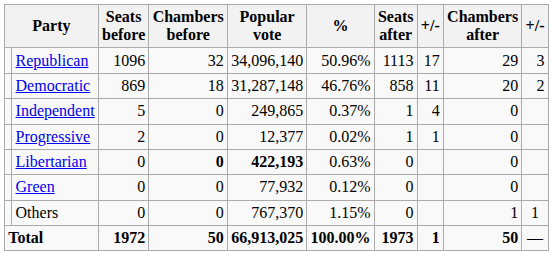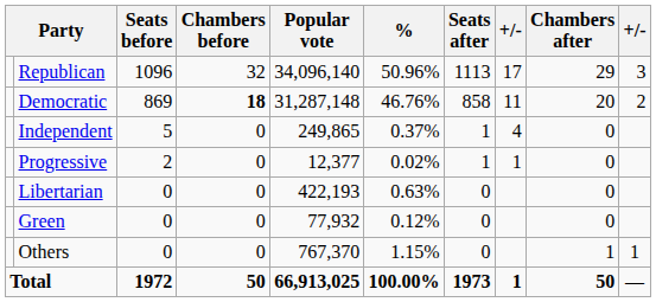 <table class="wikitable">
 <tr>
 <th colspan="2">Party</th>
 <th>Seats<br>before</th>
 <th>Chambers<br>before</th>
 <th>Popular<br>vote</th>
 <th>%</th>
 <th>Seats<br>after</th>
 <th>+/-</th>
 <th>Chambers<br>after</th>
 <th>+/-</th>
 </tr>
 <tr>
 <td style="background:"></td>
 <td><a href='#'>Republican</a></td>
 <td align="right">1096</td>
 <td align="right">32</td>
 <td align="right">34,096,140</td>
 <td align="right">50.96%</td>
 <td align="right">1113</td>
 <td align="right"> 17</td>
 <td align="right">29</td>
 <td align="right"> 3</td>
 </tr>
 <tr>
 <td style="background:"></td>
 <td><a href='#'>Democratic</a></td>
 <td align="right">869</td>
-<td align="right">18</td>
+<td align="right"><strong>18</strong></td>
 <td align="right">31,287,148</td>
 <td align="right">46.76%</td>
 <td align="right">858</td>
 <td align="right"> 11</td>
 <td align="right">20</td>
 <td align="right"> 2</td>
 </tr>
 <tr>
 <td style="background:"></td>
 <td><a href='#'>Independent</a></td>
 <td align="right">5</td>
 <td align="right">0</td>
 <td align="right">249,865</td>
 <td align="right">0.37%</td>
 <td align="right">1</td>
 <td align="right"> 4</td>
 <td align="right">0</td>
 <td align="center"></td>
 </tr>
 <tr>
 <td style="background:"></td>
 <td><a href='#'>Progressive</a></td>
 <td align="right">2</td>
 <td align="right">0</td>
 <td align="right">12,377</td>
 <td align="right">0.02%</td>
 <td align="right">1</td>
 <td align="right"> 1</td>
 <td align="right">0</td>
 <td align="center"></td>
 </tr>
 <tr>
 <td style="background:"></td>
 <td><a href='#'>Libertarian</a></td>
 <td align="right">0</td>
-<td align="right"><strong>0</strong></td>
-<td align="right"><strong>422,193</strong></td>
+<td align="right">0</td>
+<td align="right">422,193</td>
 <td align="right">0.63%</td>
 <td align="right">0</td>
 <td align="center"></td>
 <td align="right">0</td>
 <td align="center"></td>
 </tr>
 <tr>
 <td style="background:"></td>
 <td><a href='#'>Green</a></td>
 <td align="right">0</td>
 <td align="right">0</td>
 <td align="right">77,932</td>
 <td align="right">0.12%</td>
 <td align="right">0</td>
 <td align="center"></td>
 <td align="right">0</td>
 <td align="center"></td>
 </tr>
 <tr>
 <td></td>
 <td>Others</td>
 <td align="right">0</td>
 <td align="right">0</td>
 <td align="right">767,370</td>
 <td align="right">1.15%</td>
 <td align="right">0</td>
 <td align="center"></td>
 <td align="right">1</td>
 <td align="center"> 1</td>
 </tr>
 <tr>
 <td colspan="2"><strong>Total</strong></td>
 <td align="right"><strong>1972</strong></td>
 <td align="right"><strong>50</strong></td>
 <td align="right"><strong>66,913,025</strong></td>
 <td align="right"><strong>100.00%</strong></td>
 <td align="right"><strong>1973</strong></td>
 <td align="right"> <strong>1</strong></td>
 <td align="right"><strong>50</strong></td>
 <td align="center">—</td>
 </tr>
 </table>
